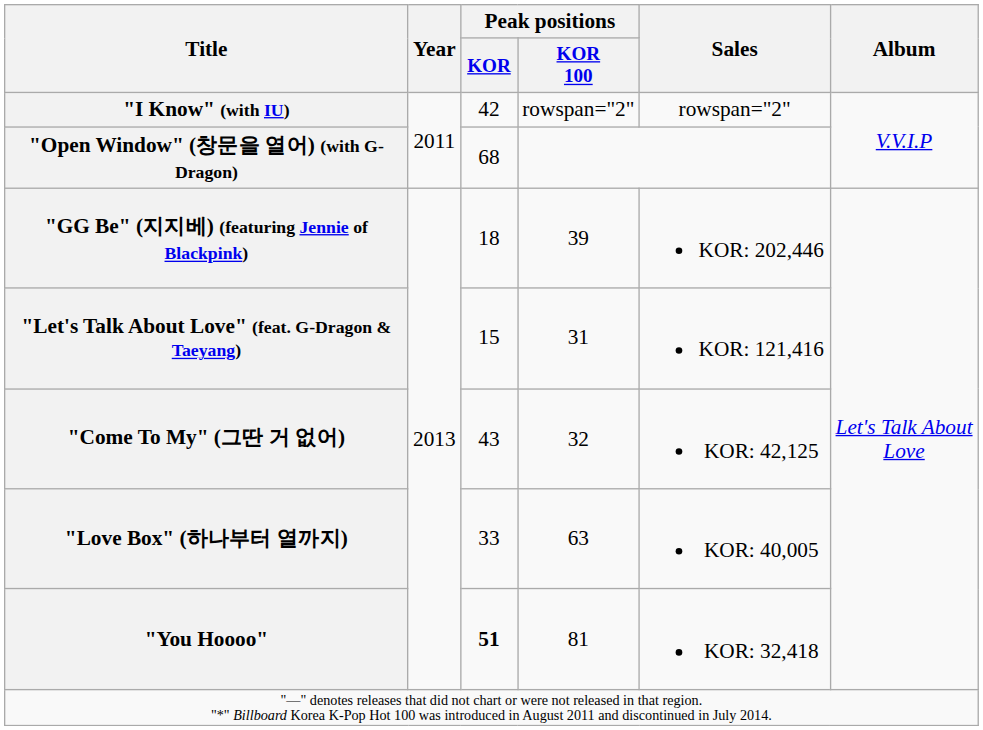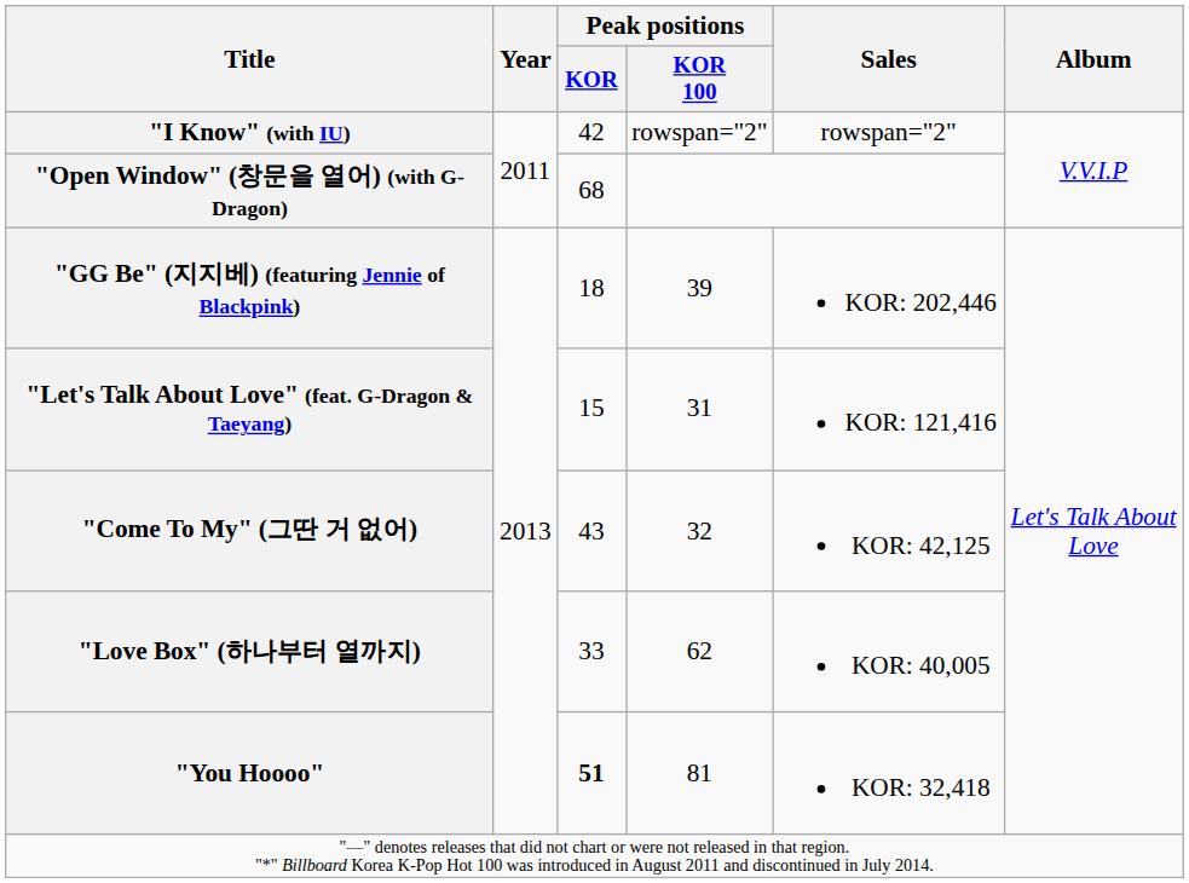 <table class="wikitable plainrowheaders" style="text-align:center;">
 <tr>
 <th scope="col" rowspan="2" style="width:18.5em;">Title</th>
 <th scope="col" rowspan="2" style="width:2em;">Year</th>
 <th scope="col" colspan="2">Peak positions</th>
 <th scope="col" rowspan="2" style="width:8.5em;">Sales</th>
 <th scope="col" rowspan="2" style="width:6.5em;">Album</th>
 </tr>
 <tr>
 <th style="width:2.5em;font-size:90%"><a href='#'>KOR</a><br></th>
 <th style="width:2.5em;font-size:90%"><a href='#'>KOR<br>100</a><br></th>
 </tr>
 <tr>
 <th scope="row">"I Know" <small>(with <a href='#'>IU</a>)</small></th>
 <td rowspan="2">2011</td>
 <td>42</td>
 <td>rowspan="2" </td>
 <td>rowspan="2" </td>
 <td rowspan="2"><em><a href='#'>V.V.I.P</a></em></td>
 </tr>
 <tr>
 <th scope="row">"Open Window" (창문을 열어) <small>(with G-Dragon)</small></th>
 <td>68</td>
 </tr>
 <tr>
 <th scope="row">"GG Be" (지지베) <small>(featuring <a href='#'>Jennie</a> of <a href='#'>Blackpink</a>)</small></th>
 <td rowspan="5">2013</td>
 <td>18</td>
 <td>39</td>
 <td><br><ul><li>KOR: 202,446</li></ul></td>
 <td rowspan="5"><em><a href='#'>Let's Talk About<br>Love</a></em></td>
 </tr>
 <tr>
 <th scope="row">"Let's Talk About Love" <small>(feat. G-Dragon & <a href='#'>Taeyang</a>)</small></th>
 <td>15</td>
 <td>31</td>
 <td><br><ul><li>KOR: 121,416</li></ul></td>
 </tr>
 <tr>
 <th scope="row">"Come To My" (그딴 거 없어)</th>
 <td>43</td>
 <td>32</td>
 <td><br><ul><li>KOR: 42,125</li></ul></td>
 </tr>
 <tr>
 <th scope="row">"Love Box" (하나부터 열까지)</th>
 <td>33</td>
-<td>63</td>
+<td>62</td>
 <td><br><ul><li>KOR: 40,005</li></ul></td>
 </tr>
 <tr>
 <th scope="row">"You Hoooo"</th>
 <td><strong>51</strong></td>
 <td>81</td>
 <td><br><ul><li>KOR: 32,418</li></ul></td>
 </tr>
 <tr>
 <td colspan="7" style="font-size:8pt;">"—" denotes releases that did not chart or were not released in that region.<br> "*" <em>Billboard</em> Korea K-Pop Hot 100 was introduced in August 2011 and discontinued in July 2014.<br></td>
 </tr>
 </table>
